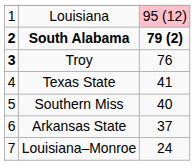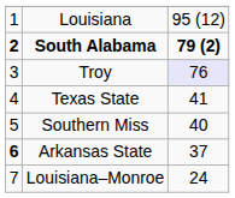 <table class="wikitable" style="display: inline-table;">
 <tr align="center">
 </tr>
 <tr align="center">
 <td>1</td>
 <td>Louisiana</td>
-<td style="background: pink;">95 (12)</td>
+<td>95 (12)</td>
 </tr>
 <tr align="center">
 <td><strong>2</strong></td>
 <td><strong>South Alabama</strong></td>
 <td><strong>79 (2)</strong></td>
 </tr>
 <tr align="center">
-<td><strong>3</strong></td>
+<td>3</td>
 <td>Troy</td>
-<td>76</td>
+<td style="background: lavender;">76</td>
 </tr>
 <tr align="center">
 <td>4</td>
 <td>Texas State</td>
 <td>41</td>
 </tr>
 <tr align="center">
 <td>5</td>
 <td>Southern Miss</td>
 <td>40</td>
 </tr>
 <tr align="center">
-<td>6</td>
+<td><strong>6</strong></td>
 <td>Arkansas State</td>
 <td>37</td>
 </tr>
 <tr align="center">
 <td>7</td>
 <td>Louisiana–Monroe</td>
 <td>24</td>
 </tr>
 </table>
